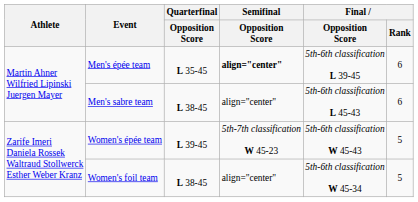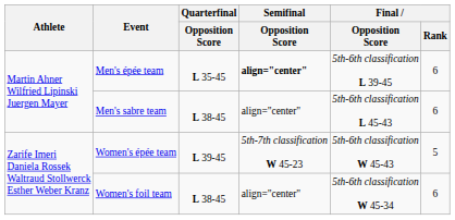 <table class=wikitable style="font-size:90%">
 <tr>
 <th rowspan="2">Athlete</th>
 <th rowspan="2">Event</th>
 <th>Quarterfinal</th>
 <th>Semifinal</th>
 <th colspan="2">Final / </th>
 </tr>
 <tr>
 <th>Opposition<br>Score</th>
 <th>Opposition<br>Score</th>
 <th>Opposition<br>Score</th>
 <th>Rank</th>
 </tr>
 <tr>
 <td rowspan="2"><a href='#'>Martin Ahner</a><br> <a href='#'>Wilfried Lipinski</a><br> <a href='#'>Juergen Mayer</a></td>
 <td><a href='#'>Men's épée team</a></td>
 <td align="center"><br><strong>L</strong> 35-45</td>
 <td><strong>align="center" </strong></td>
 <td align="center"><em>5th-6th classification</em><br> <br><strong>L</strong> 39-45</td>
 <td align="center">6</td>
 </tr>
 <tr>
 <td><a href='#'>Men's sabre team</a></td>
 <td align="center"><br><strong>L</strong> 38-45</td>
 <td>align="center" </td>
 <td align="center"><em>5th-6th classification</em><br> <br><strong>L</strong> 45-43</td>
 <td align="center">6</td>
 </tr>
 <tr>
 <td rowspan="2"><a href='#'>Zarife Imeri</a><br> <a href='#'>Daniela Rossek</a><br> <a href='#'>Waltraud Stollwerck</a><br> <a href='#'>Esther Weber Kranz</a></td>
 <td><a href='#'>Women's épée team</a></td>
 <td align="center"><br><strong>L</strong> 39-45</td>
 <td align="center"><em>5th-7th classification</em><br> <br><strong>W</strong> 45-23</td>
 <td align="center"><em>5th-6th classification</em><br> <br><strong>W</strong> 45-43</td>
 <td align="center">5</td>
 </tr>
 <tr>
 <td><a href='#'>Women's foil team</a></td>
 <td align="center"><br><strong>L</strong> 38-45</td>
 <td>align="center" </td>
 <td align="center"><em>5th-6th classification</em><br> <br><strong>W</strong> 45-34</td>
-<td align="center">5</td>
+<td align="center">6</td>
 </tr>
 </table>
